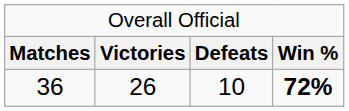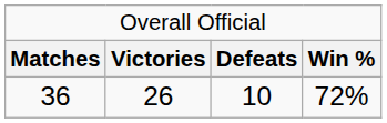 <table class="wikitable">
 <tr>
 <td align=center colspan=4>Overall Official</td>
 </tr>
 <tr>
 <th>Matches</th>
 <th>Victories</th>
 <th>Defeats</th>
 <th>Win %</th>
 </tr>
 <tr>
 <td align=center><big>36</big></td>
 <td align=center><big>26</big></td>
 <td align=center><big>10</big></td>
-<td align=center><strong><big>72%</big></strong></td>
+<td align=center><big>72%</big></td>
 </tr>
 </table>
